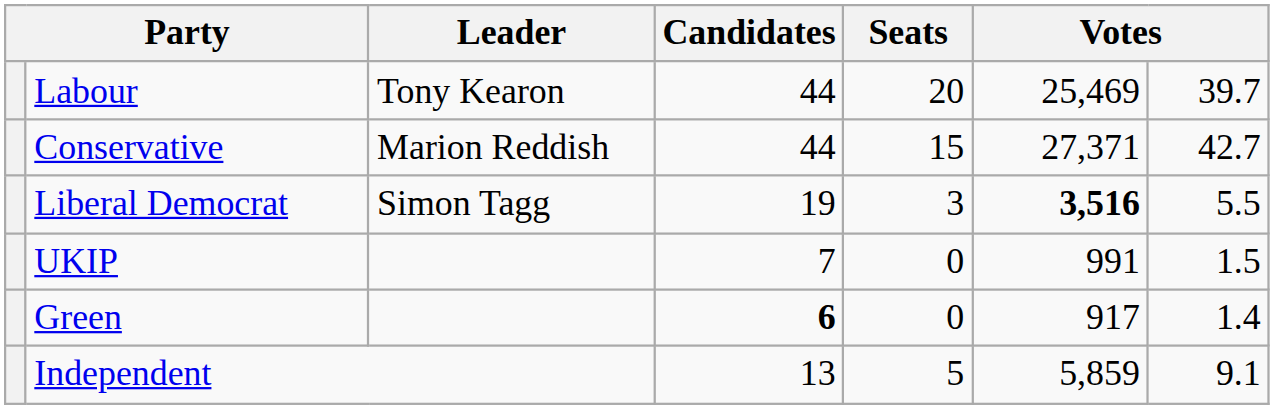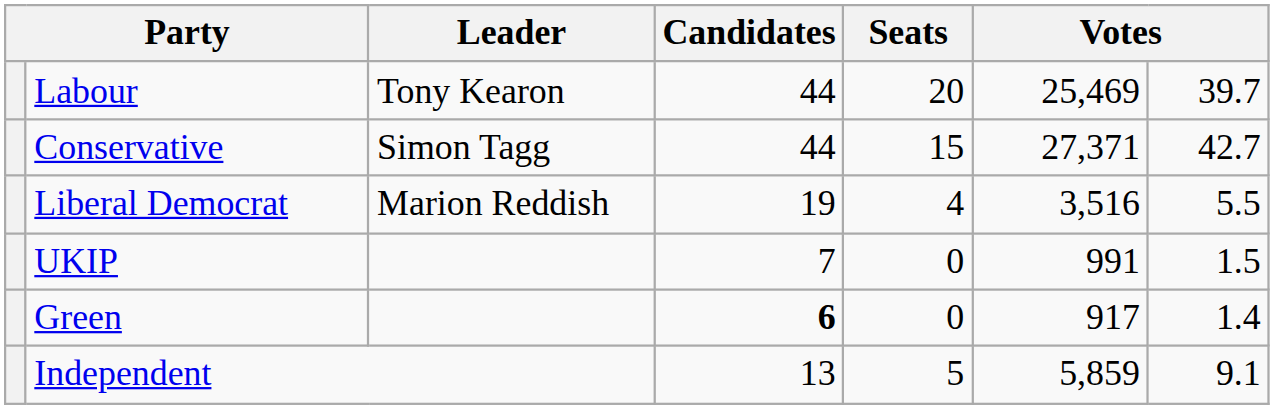 <table class="wikitable" style="text-align:right; font-size: 100%">
 <tr>
 <th style="width:155px;" colspan=2>Party</th>
 <th style="width:120px;">Leader</th>
 <th style="width:50px;">Candidates</th>
 <th style="width:50px;">Seats</th>
 <th style="width:125px;" colspan=2>Votes</th>
 </tr>
 <tr>
 <th style="background:"></th>
 <td style="text-align:left"><a href='#'>Labour</a></td>
 <td style="text-align:left">Tony Kearon</td>
 <td>44</td>
 <td>20</td>
 <td>25,469</td>
 <td>39.7</td>
 </tr>
 <tr>
 <th style="background:"></th>
 <td style="text-align:left"><a href='#'>Conservative</a></td>
-<td style="text-align:left">Marion Reddish</td>
+<td style="text-align:left">Simon Tagg</td>
 <td>44</td>
 <td>15</td>
 <td>27,371</td>
 <td>42.7</td>
 </tr>
 <tr>
 <th style="background:"></th>
 <td style="text-align:left"><a href='#'>Liberal Democrat</a></td>
-<td style="text-align:left">Simon Tagg</td>
+<td style="text-align:left">Marion Reddish</td>
 <td>19</td>
-<td>3</td>
-<td><strong>3,516</strong></td>
+<td>4</td>
+<td>3,516</td>
 <td>5.5</td>
 </tr>
 <tr>
 <th style="background:"></th>
 <td style="text-align:left"><a href='#'>UKIP</a></td>
 <td style="text-align:left"></td>
 <td>7</td>
 <td>0</td>
 <td>991</td>
 <td>1.5</td>
 </tr>
 <tr>
 <th style="background:"></th>
 <td style="text-align:left"><a href='#'>Green</a></td>
 <td style="text-align:left"></td>
 <td><strong>6</strong></td>
 <td>0</td>
 <td>917</td>
 <td>1.4</td>
 </tr>
 <tr>
 <th style="background:"></th>
 <td style="text-align:left" colspan=2><a href='#'>Independent</a></td>
 <td>13</td>
 <td>5</td>
 <td>5,859</td>
 <td>9.1</td>
 </tr>
 </table>
